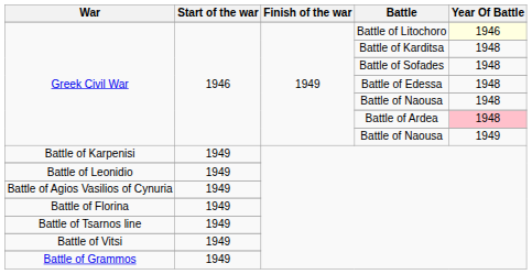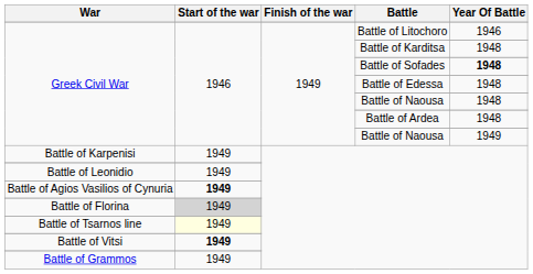 <table class="wikitable" style="text-align:center">
 <tr>
 <th class="unsortable">War</th>
 <th>Start of the war</th>
 <th>Finish of the war</th>
 <th class="unsortable">Battle</th>
 <th>Year Of Battle</th>
 </tr>
 <tr>
 </tr>
 <tr>
 <td rowspan=14><a href='#'>Greek Civil War</a></td>
 <td rowspan=14>1946</td>
 <td rowspan=14>1949</td>
 <td>Battle of Litochoro</td>
-<td style="background: lightyellow;">1946</td>
+<td>1946</td>
 </tr>
 <tr>
 </tr>
 <tr>
 <td>Battle of Karditsa</td>
 <td>1948</td>
 </tr>
 <tr>
 </tr>
 <tr>
 <td>Battle of Sofades</td>
-<td>1948</td>
+<td><strong>1948</strong></td>
 </tr>
 <tr>
 </tr>
 <tr>
 <td>Battle of Edessa</td>
 <td>1948</td>
 </tr>
 <tr>
 </tr>
 <tr>
 <td>Battle of Naousa</td>
 <td>1948</td>
 </tr>
 <tr>
 </tr>
 <tr>
 <td>Battle of Ardea</td>
-<td style="background: pink;">1948</td>
+<td>1948</td>
 </tr>
 <tr>
 </tr>
 <tr>
 <td>Battle of Naousa</td>
 <td>1949</td>
 </tr>
 <tr>
 </tr>
 <tr>
 <td>Battle of Karpenisi</td>
 <td>1949</td>
 </tr>
 <tr>
 </tr>
 <tr>
 <td>Battle of Leonidio</td>
 <td>1949</td>
 </tr>
 <tr>
 </tr>
 <tr>
 <td>Battle of Agios Vasilios of Cynuria</td>
-<td>1949</td>
+<td><strong>1949</strong></td>
 </tr>
 <tr>
 </tr>
 <tr>
 <td>Battle of Florina</td>
-<td>1949</td>
+<td style="background: lightgrey;">1949</td>
 </tr>
 <tr>
 </tr>
 <tr>
 <td>Battle of Tsarnos line</td>
-<td>1949</td>
+<td style="background: lightyellow;">1949</td>
 </tr>
 <tr>
 </tr>
 <tr>
 <td>Battle of Vitsi</td>
-<td>1949</td>
+<td><strong>1949</strong></td>
 </tr>
 <tr>
 </tr>
 <tr>
 <td><a href='#'>Battle of Grammos</a></td>
 <td>1949</td>
 </tr>
 </table>
